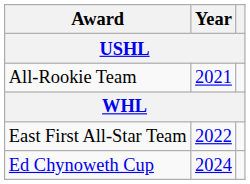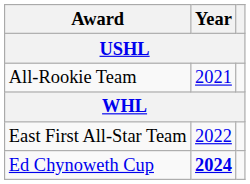 <table class="wikitable">
 <tr>
 <th>Award</th>
 <th>Year</th>
 <th></th>
 </tr>
 <tr ALIGN="center" bgcolor="#e0e0e0">
 <th colspan="3"><a href='#'>USHL</a></th>
 </tr>
 <tr>
 <td>All-Rookie Team</td>
 <td><a href='#'>2021</a></td>
 <td></td>
 </tr>
 <tr ALIGN="center" bgcolor="#e0e0e0">
 <th colspan="3"><a href='#'>WHL</a></th>
 </tr>
 <tr>
 <td>East First All-Star Team</td>
 <td><a href='#'>2022</a></td>
 <td></td>
 </tr>
 <tr>
 <td><a href='#'>Ed Chynoweth Cup</a></td>
-<td><a href='#'>2024</a></td>
+<td><strong><a href='#'>2024</a></strong></td>
 <td></td>
 </tr>
 </table>
